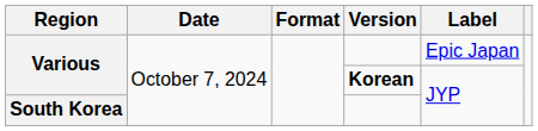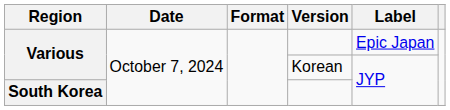 <table class="wikitable plainrowheaders">
 <tr>
 <th scope="col">Region</th>
 <th scope="col">Date</th>
 <th scope="col">Format</th>
 <th scope="col">Version</th>
 <th scope="col">Label</th>
 <th scope="col"></th>
 </tr>
 <tr>
 <th scope="row" rowspan="2">Various</th>
 <td rowspan="3">October 7, 2024</td>
 <td rowspan="3"></td>
 <td></td>
 <td><a href='#'>Epic Japan</a></td>
 <td style="text-align:center" rowspan="3"></td>
 </tr>
 <tr>
-<td><strong>Korean</strong></td>
+<td>Korean</td>
 <td rowspan="2"><a href='#'>JYP</a></td>
 </tr>
 <tr>
 <th scope="row">South Korea</th>
 <td></td>
 </tr>
 </table>
